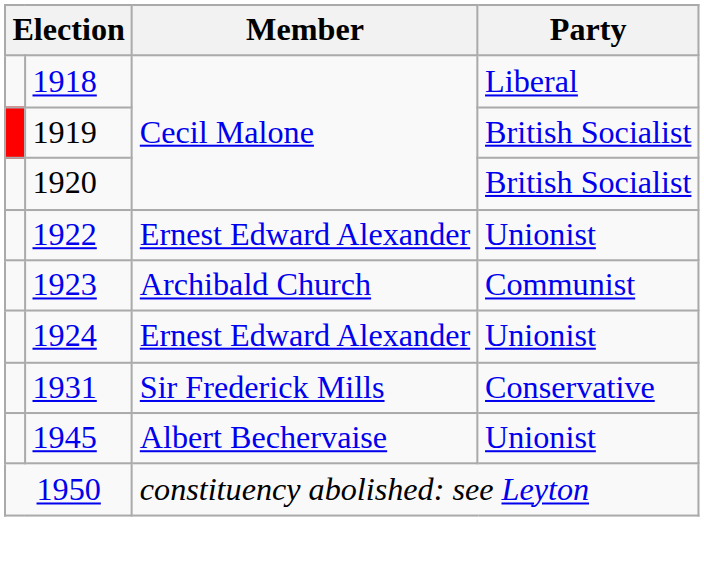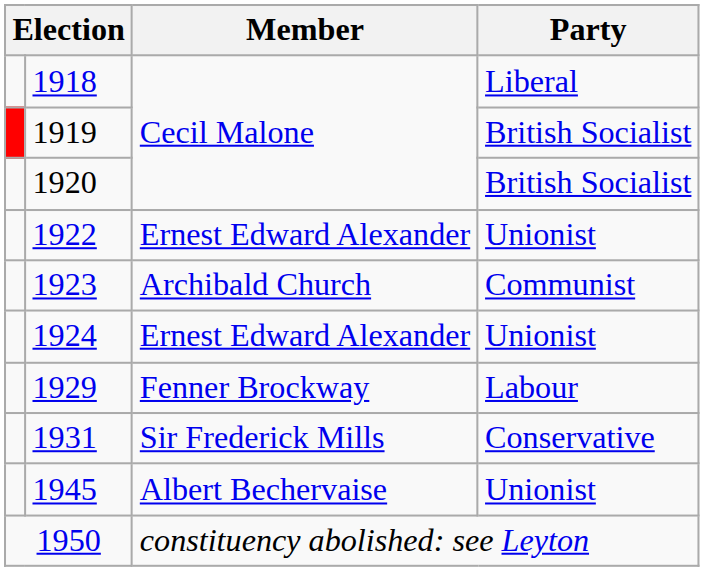 <table class="wikitable">
 <tr>
 <th colspan="2">Election</th>
 <th>Member</th>
 <th>Party</th>
 </tr>
 <tr>
 <td style="color:inherit;background-color: "></td>
 <td><a href='#'>1918</a></td>
 <td rowspan=3><a href='#'>Cecil Malone</a></td>
 <td><a href='#'>Liberal</a></td>
 </tr>
 <tr>
 <td style="color:inherit;background-color: red"></td>
 <td>1919</td>
 <td><a href='#'>British Socialist</a></td>
 </tr>
 <tr>
 <td style="color:inherit;background-color: "></td>
 <td>1920</td>
 <td><a href='#'>British Socialist</a></td>
 </tr>
 <tr>
 <td style="color:inherit;background-color: "></td>
 <td><a href='#'>1922</a></td>
 <td><a href='#'>Ernest Edward Alexander</a></td>
 <td><a href='#'>Unionist</a></td>
 </tr>
 <tr>
 <td style="color:inherit;background-color: "></td>
 <td><a href='#'>1923</a></td>
 <td><a href='#'>Archibald Church</a></td>
 <td><a href='#'>Communist</a></td>
 </tr>
 <tr>
 <td style="color:inherit;background-color: "></td>
 <td><a href='#'>1924</a></td>
 <td><a href='#'>Ernest Edward Alexander</a></td>
 <td><a href='#'>Unionist</a></td>
 </tr>
 <tr>
 <td style="color:inherit;background-color: "></td>
+<td><a href='#'>1929</a></td>
+<td><a href='#'>Fenner Brockway</a></td>
+<td><a href='#'>Labour</a></td>
+</tr>
+<tr>
+<td style="color:inherit;background-color: "></td>
 <td><a href='#'>1931</a></td>
 <td><a href='#'>Sir Frederick Mills</a></td>
 <td><a href='#'>Conservative</a></td>
 </tr>
 <tr>
 <td style="color:inherit;background-color: "></td>
 <td><a href='#'>1945</a></td>
 <td><a href='#'>Albert Bechervaise</a></td>
 <td><a href='#'>Unionist</a></td>
 </tr>
 <tr>
 <td colspan="2" align="center"><a href='#'>1950</a></td>
 <td colspan="2"><em>constituency abolished: see <a href='#'>Leyton</a></em></td>
 </tr>
 </table>
